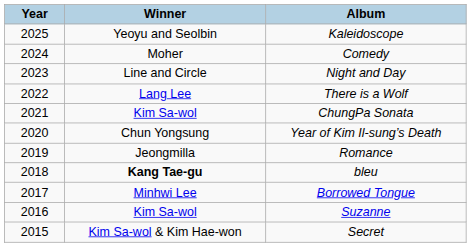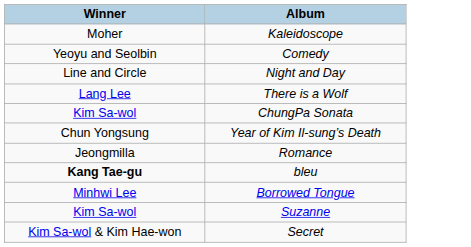 <table class="wikitable" style="text-align: center">
 <tr>
-<th width="70" style="background:#b3d1e3;">Year</th>
 <th width="250" style="background:#b3d1e3;">Winner</th>
 <th width="250" style="background:#b3d1e3;">Album</th>
 </tr>
 <tr>
-<td>2025</td>
-<td>Yeoyu and Seolbin</td>
+<td>Moher</td>
 <td><em>Kaleidoscope</em></td>
 </tr>
 <tr>
-<td>2024</td>
-<td>Moher</td>
+<td>Yeoyu and Seolbin</td>
 <td><em>Comedy</em></td>
 </tr>
 <tr>
-<td>2023</td>
 <td>Line and Circle</td>
 <td><em>Night and Day</em></td>
 </tr>
 <tr>
-<td>2022</td>
 <td><a href='#'>Lang Lee</a></td>
 <td><em>There is a Wolf</em></td>
 </tr>
 <tr>
-<td>2021</td>
 <td><a href='#'>Kim Sa-wol</a></td>
 <td><em>ChungPa Sonata</em></td>
 </tr>
 <tr>
-<td>2020</td>
 <td>Chun Yongsung</td>
 <td><em>Year of Kim Il-sung’s Death</em></td>
 </tr>
 <tr>
-<td>2019</td>
 <td>Jeongmilla</td>
 <td><em>Romance</em></td>
 </tr>
 <tr>
-<td>2018</td>
 <td><strong>Kang Tae-gu</strong></td>
 <td><em>bleu</em></td>
 </tr>
 <tr>
-<td>2017</td>
 <td><a href='#'>Minhwi Lee</a></td>
 <td><em><a href='#'>Borrowed Tongue</a></em></td>
 </tr>
 <tr>
-<td>2016</td>
 <td><a href='#'>Kim Sa-wol</a></td>
 <td><em><a href='#'>Suzanne</a></em></td>
 </tr>
 <tr>
-<td>2015</td>
 <td><a href='#'>Kim Sa-wol</a> & Kim Hae-won</td>
 <td><em>Secret</em></td>
 </tr>
 </table>
